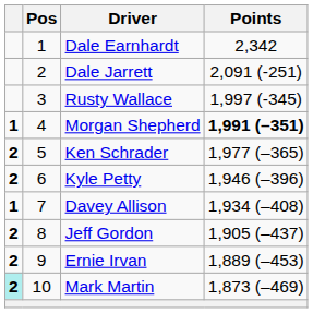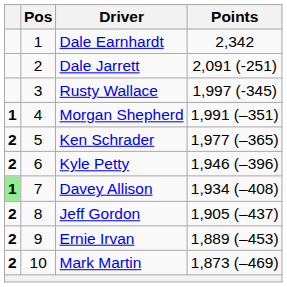 <table class="wikitable" style="font-size: 95%;">
 <tr>
 <th></th>
 <th>Pos</th>
 <th>Driver</th>
 <th>Points</th>
 </tr>
 <tr>
 <td align="left"></td>
 <td style="text-align:center;">1</td>
 <td><a href='#'>Dale Earnhardt</a></td>
 <td style="text-align:center;">2,342</td>
 </tr>
 <tr>
 <td align="left"></td>
 <td style="text-align:center;">2</td>
 <td><a href='#'>Dale Jarrett</a></td>
 <td style="text-align:center;">2,091 (-251)</td>
 </tr>
 <tr>
 <td align="left"></td>
 <td style="text-align:center;">3</td>
 <td><a href='#'>Rusty Wallace</a></td>
 <td style="text-align:center;">1,997 (-345)</td>
 </tr>
 <tr>
 <td align="left"> <strong>1</strong></td>
 <td style="text-align:center;">4</td>
 <td><a href='#'>Morgan Shepherd</a></td>
-<td style="text-align:center;"><strong>1,991 (–351)</strong></td>
+<td style="text-align:center;">1,991 (–351)</td>
 </tr>
 <tr>
 <td align="left"> <strong>2</strong></td>
 <td style="text-align:center;">5</td>
 <td><a href='#'>Ken Schrader</a></td>
 <td style="text-align:center;">1,977 (–365)</td>
 </tr>
 <tr>
 <td align="left"> <strong>2</strong></td>
 <td style="text-align:center;">6</td>
 <td><a href='#'>Kyle Petty</a></td>
 <td style="text-align:center;">1,946 (–396)</td>
 </tr>
 <tr>
-<td align="left"> <strong>1</strong></td>
+<td align="left" style="background: lightgreen;"> <strong>1</strong></td>
 <td style="text-align:center;">7</td>
 <td><a href='#'>Davey Allison</a></td>
 <td style="text-align:center;">1,934 (–408)</td>
 </tr>
 <tr>
 <td align="left"> <strong>2</strong></td>
 <td style="text-align:center;">8</td>
 <td><a href='#'>Jeff Gordon</a></td>
 <td style="text-align:center;">1,905 (–437)</td>
 </tr>
 <tr>
 <td align="left"> <strong>2</strong></td>
 <td style="text-align:center;">9</td>
 <td><a href='#'>Ernie Irvan</a></td>
 <td style="text-align:center;">1,889 (–453)</td>
 </tr>
 <tr>
-<td align="left" style="background: paleturquoise;"> <strong>2</strong></td>
+<td align="left"> <strong>2</strong></td>
 <td style="text-align:center;">10</td>
 <td><a href='#'>Mark Martin</a></td>
 <td style="text-align:center;">1,873 (–469)</td>
 </tr>
 <tr class="sortbottom">
 <th colspan="9"></th>
 </tr>
 </table>
